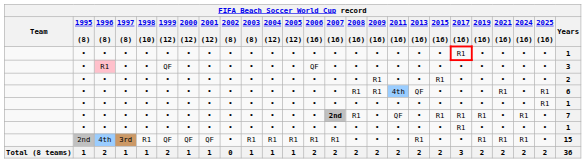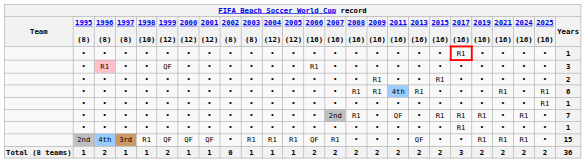 <table class="wikitable" style="text-align:center; font-size:90%;">
 <tr>
 <th colspan=25><a href='#'>FIFA Beach Soccer World Cup</a> record</th>
 </tr>
 <tr>
 <th>Team</th>
 <th><a href='#'>1995</a><br><br>(8)</th>
 <th><a href='#'>1996</a><br><br>(8)</th>
 <th><a href='#'>1997</a><br><br>(8)</th>
 <th><a href='#'>1998</a><br><br>(10)</th>
 <th><a href='#'>1999</a><br><br>(12)</th>
 <th><a href='#'>2000</a><br><br>(12)</th>
 <th><a href='#'>2001</a><br><br>(12)</th>
 <th><a href='#'>2002</a><br><br>(8)</th>
 <th><a href='#'>2003</a><br><br>(8)</th>
 <th><a href='#'>2004</a><br><br>(12)</th>
 <th><a href='#'>2005</a><br><br>(12)</th>
 <th><a href='#'>2006</a><br><br>(16)</th>
 <th><a href='#'>2007</a><br><br>(16)</th>
 <th><a href='#'>2008</a><br><br>(16)</th>
 <th><a href='#'>2009</a><br><br>(16)</th>
 <th><a href='#'>2011</a><br><br>(16)</th>
 <th><a href='#'>2013</a><br><br>(16)</th>
 <th><a href='#'>2015</a><br><br>(16)</th>
 <th><a href='#'>2017</a><br><br>(16)</th>
 <th><a href='#'>2019</a><br><br>(16)</th>
 <th><a href='#'>2021</a><br><br>(16)</th>
 <th><a href='#'>2024</a><br><br>(16)</th>
 <th><a href='#'>2025</a><br><br>(16)</th>
 <th>Years</th>
 </tr>
 <tr>
 <td></td>
 <td>•</td>
 <td>•</td>
 <td>•</td>
 <td>•</td>
 <td>•</td>
 <td>•</td>
 <td>•</td>
 <td>•</td>
 <td>•</td>
 <td>•</td>
 <td>•</td>
 <td>•</td>
 <td>•</td>
 <td>•</td>
 <td>•</td>
 <td>•</td>
 <td>•</td>
 <td>•</td>
 <td style="border:3px solid red">R1<br></td>
 <td>•</td>
 <td>•</td>
 <td>•</td>
 <td>•</td>
 <th>1</th>
 </tr>
 <tr>
 <td></td>
 <td>•</td>
 <td style="background: pink;">R1<br></td>
 <td>•</td>
 <td>•</td>
 <td>QF<br></td>
 <td>•</td>
 <td>•</td>
 <td>•</td>
 <td>•</td>
 <td>•</td>
 <td>•</td>
-<td>QF<br></td>
+<td>R1<br></td>
 <td>•</td>
 <td>•</td>
 <td>•</td>
 <td>•</td>
 <td>•</td>
 <td>•</td>
 <td>•</td>
 <td>•</td>
 <td>•</td>
 <td>•</td>
 <td>•</td>
 <th>3</th>
 </tr>
 <tr>
 <td></td>
 <td>•</td>
 <td>•</td>
 <td>•</td>
 <td>•</td>
 <td>•</td>
 <td>•</td>
 <td>•</td>
 <td>•</td>
 <td>•</td>
 <td>•</td>
 <td>•</td>
 <td>•</td>
 <td>•</td>
 <td>•</td>
 <td>R1<br></td>
 <td>•</td>
 <td>•</td>
 <td>R1<br></td>
 <td>•</td>
 <td>•</td>
 <td>•</td>
 <td>•</td>
 <td>•</td>
 <th>2</th>
 </tr>
 <tr>
 <td></td>
 <td>•</td>
 <td>•</td>
 <td>•</td>
 <td>•</td>
 <td>•</td>
 <td>•</td>
 <td>•</td>
 <td>•</td>
 <td>•</td>
 <td>•</td>
 <td>•</td>
 <td>•</td>
 <td>•</td>
 <td>R1<br></td>
 <td>R1<br></td>
 <td style="background:#9acdff;">4th</td>
-<td>QF<br></td>
+<td>R1<br></td>
 <td>•</td>
 <td>•</td>
 <td>•</td>
 <td>R1<br></td>
 <td>•</td>
 <td>R1</td>
 <th>6</th>
 </tr>
 <tr>
 <td></td>
 <td>•</td>
 <td>•</td>
 <td>•</td>
 <td>•</td>
 <td>•</td>
 <td>•</td>
 <td>•</td>
 <td>•</td>
 <td>•</td>
 <td>•</td>
 <td>•</td>
 <td>•</td>
 <td>•</td>
 <td>•</td>
 <td>•</td>
 <td>•</td>
 <td>•</td>
 <td>•</td>
 <td>•</td>
 <td>•</td>
 <td>•</td>
 <td>•</td>
 <td>R1</td>
 <th>1</th>
 </tr>
 <tr>
 <td></td>
 <td>•</td>
 <td>•</td>
 <td>•</td>
 <td>•</td>
 <td>•</td>
 <td>•</td>
 <td>•</td>
 <td>•</td>
 <td>•</td>
 <td>•</td>
 <td>•</td>
 <td>•</td>
-<td style="background:silver;"><strong>2nd</strong></td>
+<td style="background:silver;">2nd</td>
 <td>R1<br></td>
 <td>•</td>
 <td>QF<br></td>
 <td>•</td>
 <td>R1<br></td>
 <td>R1<br></td>
 <td>R1<br></td>
 <td>•</td>
 <td>R1<br></td>
 <td>•</td>
 <th>7</th>
 </tr>
 <tr>
 <td></td>
 <td>•</td>
 <td>•</td>
 <td>•</td>
 <td>•</td>
 <td>•</td>
 <td>•</td>
 <td>•</td>
 <td>•</td>
 <td>•</td>
 <td>•</td>
 <td>•</td>
 <td>•</td>
 <td>•</td>
 <td>•</td>
 <td>•</td>
 <td>•</td>
 <td>•</td>
 <td>•</td>
 <td>R1<br></td>
 <td>•</td>
 <td>•</td>
 <td>•</td>
 <td>•</td>
 <th>1</th>
 </tr>
 <tr>
 <td></td>
 <td style="background:silver;">2nd</td>
 <td style="background:#9acdff;">4th</td>
 <td style="background:#c96;">3rd</td>
 <td>R1<br></td>
 <td>QF<br></td>
 <td>QF<br></td>
 <td>QF<br></td>
 <td>•</td>
 <td>R1<br></td>
 <td>R1<br></td>
 <td>R1<br></td>
-<td>R1<br></td>
+<td>QF<br></td>
 <td>R1<br></td>
 <td>•</td>
 <td>•</td>
 <td>•</td>
-<td>R1<br></td>
+<td>QF<br></td>
 <td>•</td>
 <td>•</td>
 <td>R1<br></td>
 <td>R1<br></td>
 <td>R1<br></td>
 <td>•</td>
 <th>15</th>
 </tr>
 <tr>
 <th align=centre>Total (8 teams)</th>
 <th><strong>1</strong></th>
 <th><strong>2</strong></th>
 <th><strong>1</strong></th>
 <th><strong>1</strong></th>
 <th><strong>2</strong></th>
 <th><strong>1</strong></th>
 <th><strong>1</strong></th>
 <th><strong>0</strong></th>
 <th><strong>1</strong></th>
 <th><strong>1</strong></th>
 <th><strong>1</strong></th>
 <th><strong>2</strong></th>
 <th><strong>2</strong></th>
 <th><strong>2</strong></th>
 <th><strong>2</strong></th>
 <th><strong>2</strong></th>
 <th><strong>2</strong></th>
 <th><strong>2</strong></th>
 <th><strong>3</strong></th>
 <th><strong>2</strong></th>
 <th><strong>2</strong></th>
 <th><strong>2</strong></th>
 <th><strong>2</strong></th>
 <th><strong>36</strong></th>
 </tr>
 </table>
